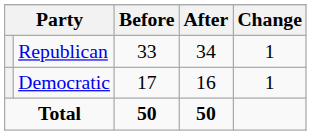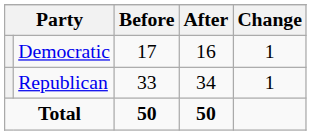 <table class="wikitable" style="text-align:center;">
 <tr>
 </tr>
 <tr>
 <th colspan=2>Party</th>
 <th>Before</th>
 <th>After</th>
 <th>Change</th>
 </tr>
 <tr>
 <th style="background-color:"></th>
-<td style="text-align:left;"><a href='#'>Republican</a></td>
-<td>33</td>
-<td>34</td>
+<td style="text-align:left;"><a href='#'>Democratic</a></td>
+<td>17</td>
+<td>16</td>
 <td> 1</td>
 </tr>
 <tr>
 <th style="background-color:"></th>
-<td style="text-align:left;"><a href='#'>Democratic</a></td>
-<td>17</td>
-<td>16</td>
+<td style="text-align:left;"><a href='#'>Republican</a></td>
+<td>33</td>
+<td>34</td>
 <td> 1</td>
 </tr>
 <tr>
 <td colspan=2><strong>Total</strong></td>
 <td><strong>50</strong></td>
 <td><strong>50</strong></td>
 <td></td>
 </tr>
 </table>
